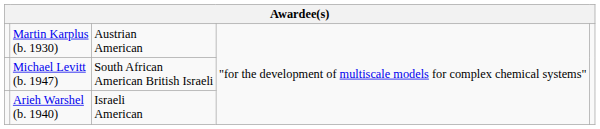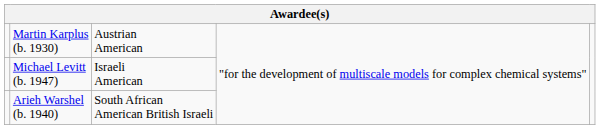 <table class="wikitable">
 <tr>
 <th colspan="5">Awardee(s)</th>
 </tr>
 <tr>
 <td></td>
 <td><a href='#'>Martin Karplus</a><br>(b. 1930)</td>
 <td> Austrian<br> American</td>
 <td rowspan="3">"for the development of <a href='#'>multiscale models</a> for complex chemical systems"</td>
 <td rowspan="3"></td>
 </tr>
 <tr>
 <td></td>
 <td><a href='#'>Michael Levitt</a><br>(b. 1947)</td>
-<td> South African<br> American  British  Israeli</td>
+<td> Israeli<br> American</td>
 </tr>
 <tr>
 <td></td>
 <td><a href='#'>Arieh Warshel</a><br>(b. 1940)</td>
-<td> Israeli<br> American</td>
+<td> South African<br> American  British  Israeli</td>
 </tr>
 </table>
